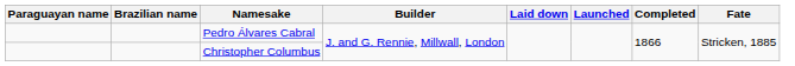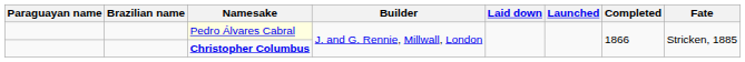 <table class="wikitable">
 <tr>
 <th>Paraguayan name</th>
 <th>Brazilian name</th>
 <th>Namesake</th>
 <th>Builder</th>
 <th><a href='#'>Laid down</a></th>
 <th><a href='#'>Launched</a></th>
 <th>Completed</th>
 <th>Fate</th>
 </tr>
 <tr valign=middle>
 <td></td>
 <td></td>
-<td><a href='#'>Pedro Álvares Cabral</a></td>
+<td style="background: lightyellow;"><a href='#'>Pedro Álvares Cabral</a></td>
 <td rowspan=2><a href='#'>J. and G. Rennie</a>, <a href='#'>Millwall</a>, <a href='#'>London</a></td>
 <td rowspan=2></td>
 <td rowspan=2></td>
 <td rowspan=2>1866</td>
 <td rowspan=2>Stricken, 1885</td>
 </tr>
 <tr>
 <td></td>
 <td></td>
-<td><a href='#'>Christopher Columbus</a></td>
+<td><strong><a href='#'>Christopher Columbus</a></strong></td>
 </tr>
 </table>
